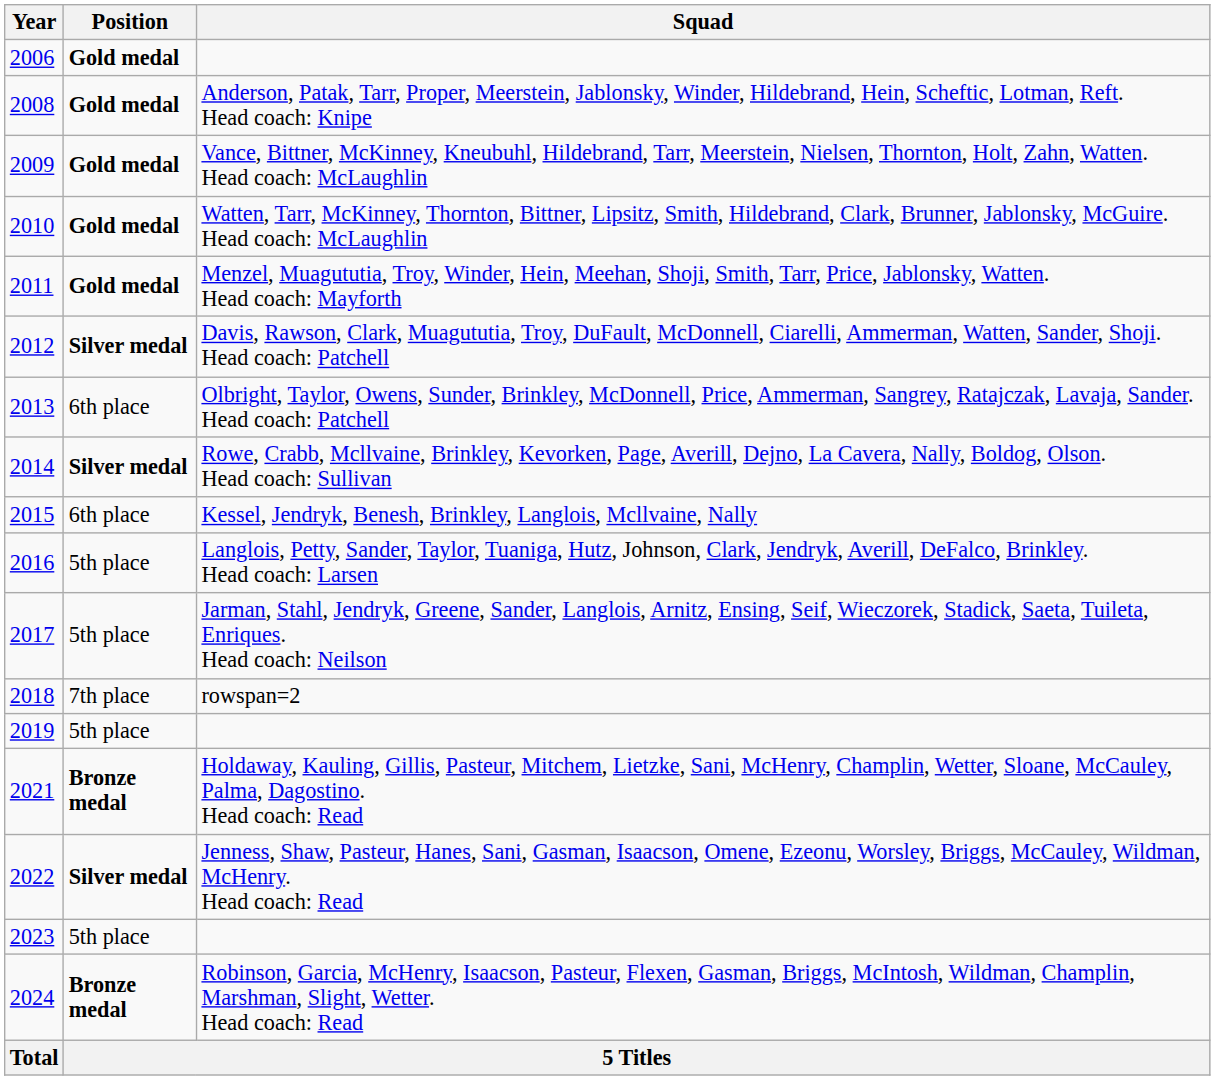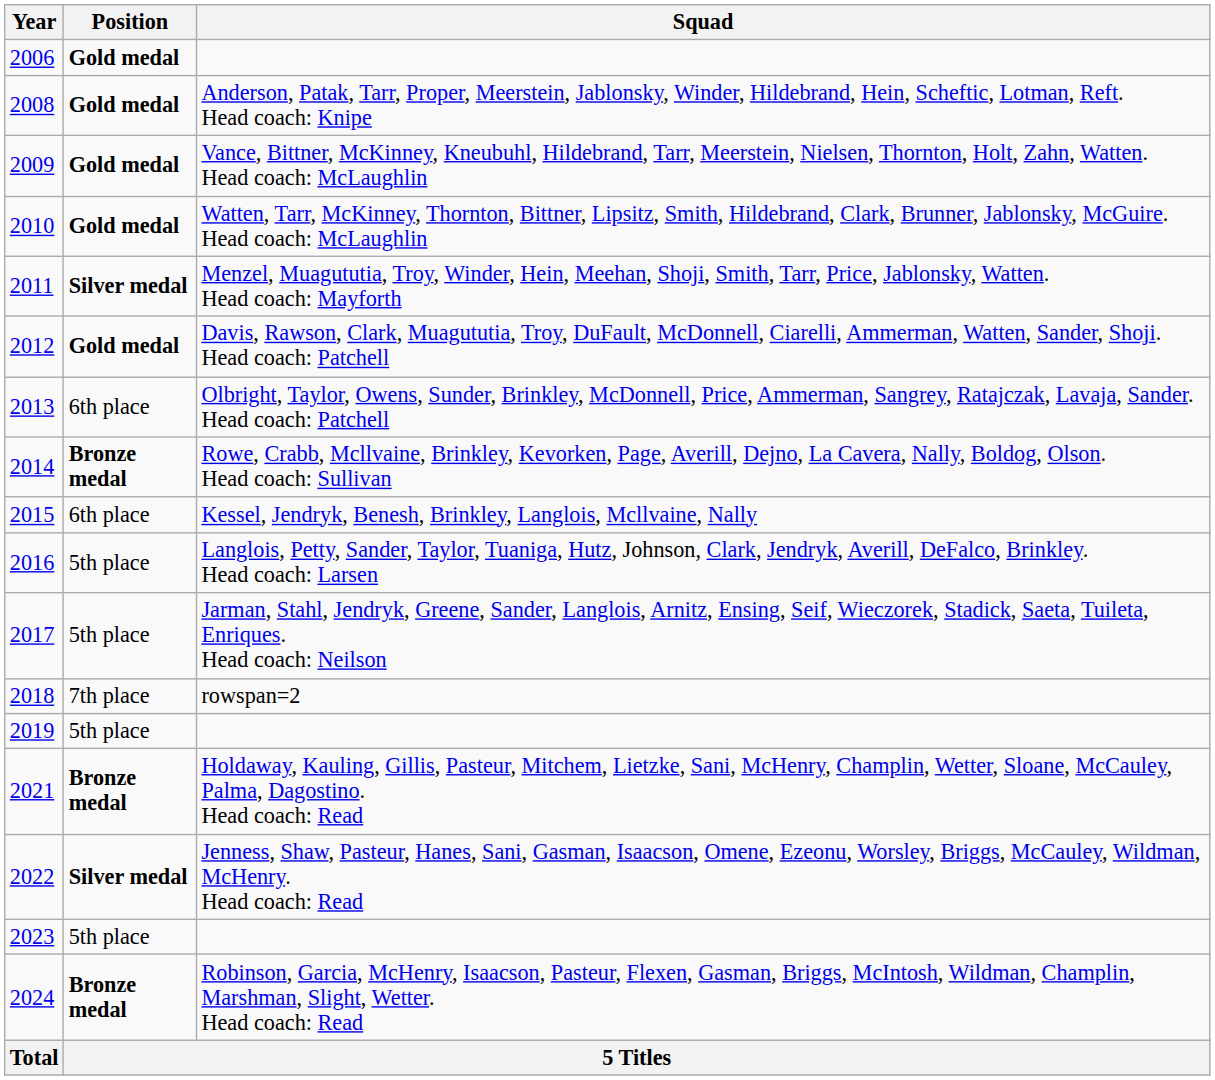 <table class="wikitable" style="text-align: center;">
 <tr>
 <th>Year</th>
 <th>Position</th>
 <th>Squad</th>
 </tr>
 <tr style="text-align:left;">
 <td><a href='#'>2006</a></td>
 <td> <strong>Gold medal</strong></td>
 <td></td>
 </tr>
 <tr style="text-align:left;">
 <td><a href='#'>2008</a></td>
 <td> <strong>Gold medal</strong></td>
 <td><a href='#'>Anderson</a>, <a href='#'>Patak</a>, <a href='#'>Tarr</a>, <a href='#'>Proper</a>, <a href='#'>Meerstein</a>, <a href='#'>Jablonsky</a>, <a href='#'>Winder</a>, <a href='#'>Hildebrand</a>, <a href='#'>Hein</a>, <a href='#'>Scheftic</a>, <a href='#'>Lotman</a>, <a href='#'>Reft</a>. <br>Head coach: <a href='#'>Knipe</a></td>
 </tr>
 <tr style="text-align:left;">
 <td><a href='#'>2009</a></td>
 <td> <strong>Gold medal</strong></td>
 <td><a href='#'>Vance</a>, <a href='#'>Bittner</a>, <a href='#'>McKinney</a>, <a href='#'>Kneubuhl</a>, <a href='#'>Hildebrand</a>, <a href='#'>Tarr</a>, <a href='#'>Meerstein</a>, <a href='#'>Nielsen</a>, <a href='#'>Thornton</a>, <a href='#'>Holt</a>, <a href='#'>Zahn</a>, <a href='#'>Watten</a>. <br>Head coach: <a href='#'>McLaughlin</a></td>
 </tr>
 <tr style="text-align:left;">
 <td><a href='#'>2010</a></td>
 <td> <strong>Gold medal</strong></td>
 <td><a href='#'>Watten</a>, <a href='#'>Tarr</a>, <a href='#'>McKinney</a>, <a href='#'>Thornton</a>, <a href='#'>Bittner</a>, <a href='#'>Lipsitz</a>, <a href='#'>Smith</a>, <a href='#'>Hildebrand</a>, <a href='#'>Clark</a>, <a href='#'>Brunner</a>, <a href='#'>Jablonsky</a>, <a href='#'>McGuire</a>. <br>Head coach: <a href='#'>McLaughlin</a></td>
 </tr>
 <tr style="text-align:left;">
 <td><a href='#'>2011</a></td>
-<td> <strong>Gold medal</strong></td>
+<td> <strong>Silver medal</strong></td>
 <td><a href='#'>Menzel</a>, <a href='#'>Muagututia</a>, <a href='#'>Troy</a>, <a href='#'>Winder</a>, <a href='#'>Hein</a>, <a href='#'>Meehan</a>, <a href='#'>Shoji</a>, <a href='#'>Smith</a>, <a href='#'>Tarr</a>, <a href='#'>Price</a>, <a href='#'>Jablonsky</a>, <a href='#'>Watten</a>. <br>Head coach: <a href='#'>Mayforth</a></td>
 </tr>
 <tr style="text-align:left;">
 <td><a href='#'>2012</a></td>
-<td> <strong>Silver medal</strong></td>
+<td> <strong>Gold medal</strong></td>
 <td><a href='#'>Davis</a>, <a href='#'>Rawson</a>, <a href='#'>Clark</a>, <a href='#'>Muagututia</a>, <a href='#'>Troy</a>, <a href='#'>DuFault</a>, <a href='#'>McDonnell</a>, <a href='#'>Ciarelli</a>, <a href='#'>Ammerman</a>, <a href='#'>Watten</a>, <a href='#'>Sander</a>, <a href='#'>Shoji</a>. <br>Head coach: <a href='#'>Patchell</a></td>
 </tr>
 <tr style="text-align:left;">
 <td><a href='#'>2013</a></td>
 <td>6th place</td>
 <td><a href='#'>Olbright</a>, <a href='#'>Taylor</a>, <a href='#'>Owens</a>, <a href='#'>Sunder</a>, <a href='#'>Brinkley</a>, <a href='#'>McDonnell</a>, <a href='#'>Price</a>, <a href='#'>Ammerman</a>, <a href='#'>Sangrey</a>, <a href='#'>Ratajczak</a>, <a href='#'>Lavaja</a>, <a href='#'>Sander</a>. <br>Head coach: <a href='#'>Patchell</a></td>
 </tr>
 <tr style="text-align:left;">
 <td><a href='#'>2014</a></td>
-<td> <strong>Silver medal</strong></td>
+<td> <strong>Bronze medal</strong></td>
 <td><a href='#'>Rowe</a>, <a href='#'>Crabb</a>, <a href='#'>Mcllvaine</a>, <a href='#'>Brinkley</a>, <a href='#'>Kevorken</a>, <a href='#'>Page</a>, <a href='#'>Averill</a>, <a href='#'>Dejno</a>, <a href='#'>La Cavera</a>, <a href='#'>Nally</a>, <a href='#'>Boldog</a>, <a href='#'>Olson</a>. <br>Head coach: <a href='#'>Sullivan</a></td>
 </tr>
 <tr style="text-align:left;">
 <td><a href='#'>2015</a></td>
 <td>6th place</td>
 <td><a href='#'>Kessel</a>, <a href='#'>Jendryk</a>, <a href='#'>Benesh</a>, <a href='#'>Brinkley</a>, <a href='#'>Langlois</a>, <a href='#'>Mcllvaine</a>, <a href='#'>Nally</a></td>
 </tr>
 <tr style="text-align:left;">
 <td><a href='#'>2016</a></td>
 <td>5th place</td>
 <td><a href='#'>Langlois</a>, <a href='#'>Petty</a>, <a href='#'>Sander</a>, <a href='#'>Taylor</a>, <a href='#'>Tuaniga</a>, <a href='#'>Hutz</a>, Johnson, <a href='#'>Clark</a>, <a href='#'>Jendryk</a>, <a href='#'>Averill</a>, <a href='#'>DeFalco</a>, <a href='#'>Brinkley</a>. <br>Head coach: <a href='#'>Larsen</a></td>
 </tr>
 <tr style="text-align:left;">
 <td><a href='#'>2017</a></td>
 <td>5th place</td>
 <td><a href='#'>Jarman</a>, <a href='#'>Stahl</a>, <a href='#'>Jendryk</a>, <a href='#'>Greene</a>, <a href='#'>Sander</a>, <a href='#'>Langlois</a>, <a href='#'>Arnitz</a>, <a href='#'>Ensing</a>, <a href='#'>Seif</a>, <a href='#'>Wieczorek</a>, <a href='#'>Stadick</a>, <a href='#'>Saeta</a>, <a href='#'>Tuileta</a>, <a href='#'>Enriques</a>. <br>Head coach: <a href='#'>Neilson</a></td>
 </tr>
 <tr style="text-align:left;">
 <td><a href='#'>2018</a></td>
 <td>7th place</td>
 <td>rowspan=2 </td>
 </tr>
 <tr style="text-align:left;">
 <td><a href='#'>2019</a></td>
 <td>5th place</td>
 </tr>
 <tr style="text-align:left;">
 <td><a href='#'>2021</a></td>
 <td> <strong>Bronze medal</strong></td>
 <td><a href='#'>Holdaway</a>, <a href='#'>Kauling</a>, <a href='#'>Gillis</a>, <a href='#'>Pasteur</a>, <a href='#'>Mitchem</a>, <a href='#'>Lietzke</a>, <a href='#'>Sani</a>, <a href='#'>McHenry</a>, <a href='#'>Champlin</a>, <a href='#'>Wetter</a>, <a href='#'>Sloane</a>, <a href='#'>McCauley</a>, <a href='#'>Palma</a>, <a href='#'>Dagostino</a>. <br>Head coach: <a href='#'>Read</a></td>
 </tr>
 <tr style="text-align:left;">
 <td><a href='#'>2022</a></td>
 <td> <strong>Silver medal</strong></td>
 <td><a href='#'>Jenness</a>, <a href='#'>Shaw</a>, <a href='#'>Pasteur</a>, <a href='#'>Hanes</a>, <a href='#'>Sani</a>, <a href='#'>Gasman</a>, <a href='#'>Isaacson</a>, <a href='#'>Omene</a>, <a href='#'>Ezeonu</a>, <a href='#'>Worsley</a>, <a href='#'>Briggs</a>, <a href='#'>McCauley</a>, <a href='#'>Wildman</a>, <a href='#'>McHenry</a>. <br>Head coach: <a href='#'>Read</a></td>
 </tr>
 <tr style="text-align:left;">
 <td><a href='#'>2023</a></td>
 <td>5th place</td>
 <td></td>
 </tr>
 <tr style="text-align:left;">
 <td><a href='#'>2024</a></td>
 <td> <strong>Bronze medal</strong></td>
 <td><a href='#'>Robinson</a>, <a href='#'>Garcia</a>, <a href='#'>McHenry</a>, <a href='#'>Isaacson</a>, <a href='#'>Pasteur</a>, <a href='#'>Flexen</a>, <a href='#'>Gasman</a>, <a href='#'>Briggs</a>, <a href='#'>McIntosh</a>, <a href='#'>Wildman</a>, <a href='#'>Champlin</a>, <a href='#'>Marshman</a>, <a href='#'>Slight</a>, <a href='#'>Wetter</a>. <br>Head coach: <a href='#'>Read</a></td>
 </tr>
 <tr>
 <th>Total</th>
 <th colspan="2">5 Titles</th>
 </tr>
 </table>
